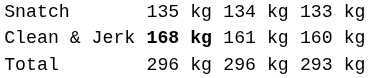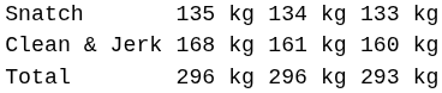 <table>
 <tr>
 <td>Snatch</td>
 <td></td>
 <td>135 kg</td>
 <td></td>
 <td>134 kg</td>
 <td></td>
 <td>133 kg</td>
 </tr>
 <tr>
 <td>Clean & Jerk</td>
 <td></td>
-<td><strong>168 kg</strong></td>
+<td>168 kg</td>
 <td></td>
 <td>161 kg</td>
 <td></td>
 <td>160 kg</td>
 </tr>
 <tr>
 <td>Total</td>
 <td></td>
 <td>296 kg</td>
 <td></td>
 <td>296 kg</td>
 <td></td>
 <td>293 kg</td>
 </tr>
 </table>
